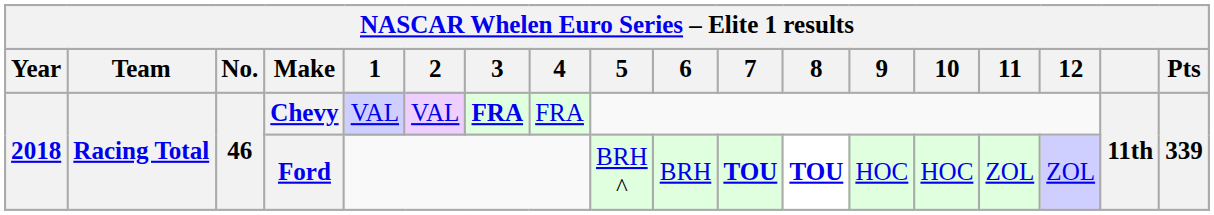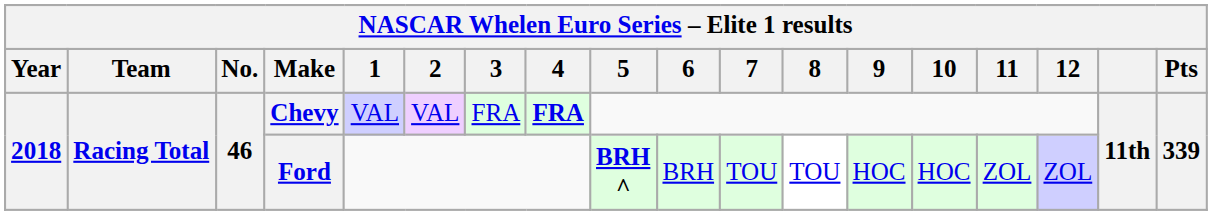 <table class="wikitable" style="text-align:center; font-size:75%">
 <tr>
 <th colspan=21><a href='#'>NASCAR Whelen Euro Series</a> – Elite 1 results</th>
 </tr>
 <tr>
 <th>Year</th>
 <th>Team</th>
 <th>No.</th>
 <th>Make</th>
 <th>1</th>
 <th>2</th>
 <th>3</th>
 <th>4</th>
 <th>5</th>
 <th>6</th>
 <th>7</th>
 <th>8</th>
 <th>9</th>
 <th>10</th>
 <th>11</th>
 <th>12</th>
 <th></th>
 <th>Pts</th>
 </tr>
 <tr>
 <th rowspan=2><a href='#'>2018</a></th>
 <th rowspan=2><a href='#'>Racing Total</a></th>
 <th rowspan=2>46</th>
 <th><a href='#'>Chevy</a></th>
 <td style="background:#CFCFFF;"><a href='#'>VAL</a><br></td>
 <td style="background:#EFCFFF;"><a href='#'>VAL</a><br></td>
+<td style="background:#DFFFDF;"><a href='#'>FRA</a><br></td>
 <td style="background:#DFFFDF;"><strong><a href='#'>FRA</a><br></strong></td>
-<td style="background:#DFFFDF;"><a href='#'>FRA</a><br></td>
 <td colspan=8></td>
 <th rowspan=2>11th</th>
 <th rowspan=2>339</th>
 </tr>
 <tr>
 <th><a href='#'>Ford</a></th>
 <td colspan=4></td>
-<td style="background:#DFFFDF;"><a href='#'>BRH</a><br>^</td>
+<td style="background:#DFFFDF;"><strong><a href='#'>BRH</a><br>^</strong></td>
 <td style="background:#DFFFDF;"><a href='#'>BRH</a><br></td>
-<td style="background:#DFFFDF;"><strong><a href='#'>TOU</a><br></strong></td>
-<td style="background:#FFFFFF;"><strong><a href='#'>TOU</a><br></strong></td>
+<td style="background:#DFFFDF;"><a href='#'>TOU</a><br></td>
+<td style="background:#FFFFFF;"><a href='#'>TOU</a><br></td>
 <td style="background:#DFFFDF;"><a href='#'>HOC</a><br></td>
 <td style="background:#DFFFDF;"><a href='#'>HOC</a><br></td>
 <td style="background:#DFFFDF;"><a href='#'>ZOL</a><br></td>
 <td style="background:#CFCFFF;"><a href='#'>ZOL</a><br></td>
 </tr>
 </table>
